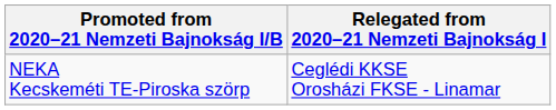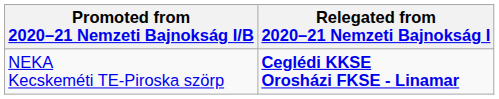 <table class="wikitable">
 <tr>
 <th>Promoted from<br><a href='#'>2020–21 Nemzeti Bajnokság I/B</a></th>
 <th>Relegated from<br><a href='#'>2020–21 Nemzeti Bajnokság I</a></th>
 </tr>
 <tr>
 <td><a href='#'>NEKA</a><br><a href='#'>Kecskeméti TE-Piroska szörp</a></td>
-<td><a href='#'>Ceglédi KKSE</a><br><a href='#'>Orosházi FKSE - Linamar</a></td>
+<td><strong><a href='#'>Ceglédi KKSE</a><br><a href='#'>Orosházi FKSE - Linamar</a></strong></td>
 </tr>
 </table>
